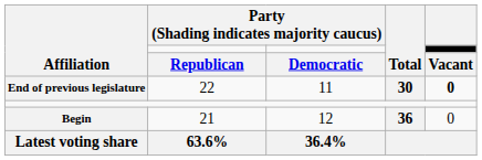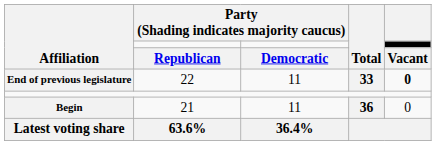 <table class=wikitable style="text-align:center">
 <tr style="vertical-align:bottom;">
 <th rowspan=3>Affiliation</th>
 <th colspan=2>Party <div>(Shading indicates majority caucus)</div></th>
 <th rowspan=3>Total</th>
 <th></th>
 </tr>
 <tr style="height:5px">
 <td style="background-color:"></td>
 <td style="background-color:"></td>
 <td style="background-color:black"></td>
 </tr>
 <tr>
 <th><a href='#'>Republican</a></th>
 <th><a href='#'>Democratic</a></th>
 <th>Vacant</th>
 </tr>
 <tr>
 <th nowrap style="font-size:80%">End of previous legislature</th>
 <td>22</td>
 <td>11</td>
-<th>30</th>
+<th>33</th>
 <td><strong>0</strong></td>
 </tr>
 <tr>
 <td colspan=5></td>
 </tr>
 <tr>
 <th nowrap style="font-size:80%">Begin</th>
 <td>21</td>
-<td>12</td>
+<td>11</td>
 <th>36</th>
 <td>0</td>
 </tr>
 <tr>
 <th>Latest voting share</th>
 <th>63.6% </th>
 <th>36.4%</th>
 <th colspan=2></th>
 </tr>
 </table>
